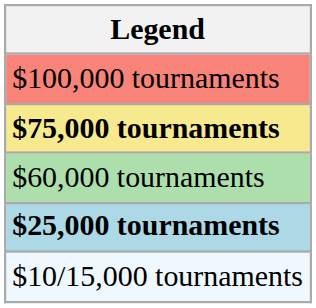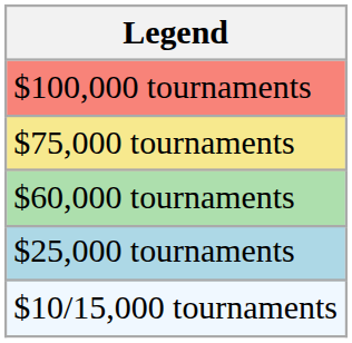 <table class="wikitable" style="font-size:85%;">
 <tr>
 <th>Legend</th>
 </tr>
 <tr style="background:#f88379;">
 <td>$100,000 tournaments</td>
 </tr>
 <tr style="background:#f7e98e;">
-<td><strong>$75,000 tournaments</strong></td>
+<td>$75,000 tournaments</td>
 </tr>
 <tr style="background:#addfad;">
 <td>$60,000 tournaments</td>
 </tr>
 <tr style="background:lightblue;">
-<td><strong>$25,000 tournaments</strong></td>
+<td>$25,000 tournaments</td>
 </tr>
 <tr style="background:#f0f8ff;">
 <td>$10/15,000 tournaments</td>
 </tr>
 </table>
